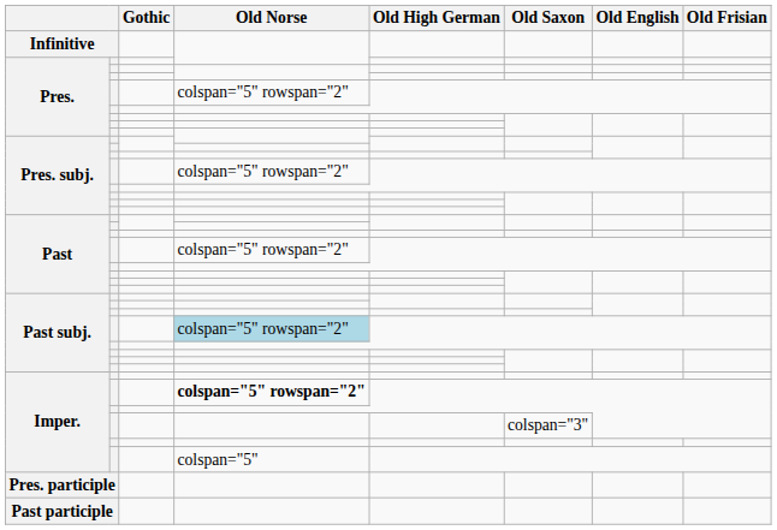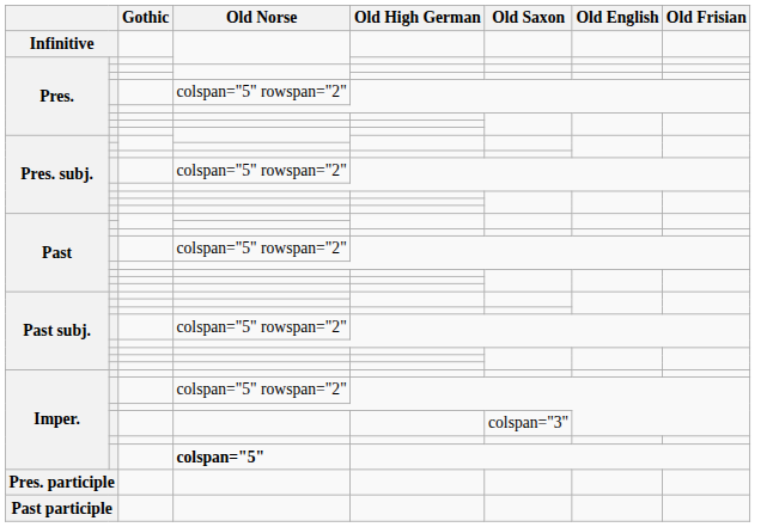 <table class="wikitable">
 <tr>
 <th colspan=2></th>
 <th>Gothic</th>
 <th>Old Norse</th>
 <th>Old High German</th>
 <th>Old Saxon</th>
 <th>Old English</th>
 <th>Old Frisian</th>
 </tr>
 <tr>
 <th colspan=2>Infinitive</th>
 <td></td>
 <td rowspan="2"></td>
 <td></td>
 <td></td>
 <td></td>
 <td></td>
 </tr>
 <tr>
 <th rowspan=8>Pres.</th>
 <th></th>
 <td></td>
 <td></td>
 <td></td>
 <td></td>
 <td></td>
 </tr>
 <tr>
 <th></th>
 <td></td>
 <td rowspan="2"></td>
 <td></td>
 <td></td>
 <td></td>
 <td></td>
 </tr>
 <tr>
 <th></th>
 <td></td>
 <td></td>
 <td></td>
 <td></td>
 <td></td>
 </tr>
 <tr>
 <th></th>
 <td></td>
 <td>colspan="5" rowspan="2" </td>
 </tr>
 <tr>
 <th></th>
 <td></td>
 </tr>
 <tr>
 <th></th>
 <td></td>
 <td></td>
 <td></td>
 <td rowspan="3"></td>
 <td rowspan="3"></td>
 <td rowspan="3"></td>
 </tr>
 <tr>
 <th></th>
 <td></td>
 <td></td>
 <td></td>
 </tr>
 <tr>
 <th></th>
 <td></td>
 <td rowspan="2"></td>
 <td></td>
 </tr>
 <tr>
 <th rowspan=8>Pres. subj.</th>
 <th></th>
 <td rowspan="2"></td>
 <td rowspan="2"></td>
 <td rowspan="2"></td>
 <td rowspan="3"></td>
 <td rowspan="3"></td>
 </tr>
 <tr>
 <th></th>
 <td></td>
 </tr>
 <tr>
 <th></th>
 <td></td>
 <td></td>
 <td></td>
 <td></td>
 </tr>
 <tr>
 <th></th>
 <td></td>
 <td>colspan="5" rowspan="2" </td>
 </tr>
 <tr>
 <th></th>
 <td></td>
 </tr>
 <tr>
 <th></th>
 <td></td>
 <td></td>
 <td></td>
 <td rowspan="3"></td>
 <td rowspan="3"></td>
 <td rowspan="3"></td>
 </tr>
 <tr>
 <th></th>
 <td></td>
 <td></td>
 <td></td>
 </tr>
 <tr>
 <th></th>
 <td></td>
 <td></td>
 <td></td>
 </tr>
 <tr>
 <th rowspan=8>Past</th>
 <th></th>
 <td rowspan="2"></td>
 <td></td>
 <td rowspan="2"></td>
 <td rowspan="2"></td>
 <td rowspan="2"></td>
 <td rowspan="2"></td>
 </tr>
 <tr>
 <th></th>
 <td></td>
 </tr>
 <tr>
 <th></th>
 <td></td>
 <td></td>
 <td></td>
 <td></td>
 <td></td>
 <td></td>
 </tr>
 <tr>
 <th></th>
 <td></td>
 <td>colspan="5" rowspan="2" </td>
 </tr>
 <tr>
 <th></th>
 <td></td>
 </tr>
 <tr>
 <th></th>
 <td></td>
 <td></td>
 <td></td>
 <td rowspan="3"></td>
 <td rowspan="3"></td>
 <td rowspan="3"></td>
 </tr>
 <tr>
 <th></th>
 <td></td>
 <td></td>
 <td></td>
 </tr>
 <tr>
 <th></th>
 <td></td>
 <td></td>
 <td></td>
 </tr>
 <tr>
 <th rowspan=8>Past subj.</th>
 <th></th>
 <td></td>
 <td></td>
 <td rowspan="2"></td>
 <td rowspan="2"></td>
 <td rowspan="3"></td>
 <td rowspan="3"></td>
 </tr>
 <tr>
 <th></th>
 <td></td>
 <td></td>
 </tr>
 <tr>
 <th></th>
 <td></td>
 <td></td>
 <td></td>
 <td></td>
 </tr>
 <tr>
 <th></th>
 <td></td>
-<td style="background: lightblue;">colspan="5" rowspan="2" </td>
+<td>colspan="5" rowspan="2" </td>
 </tr>
 <tr>
 <th></th>
 <td></td>
 </tr>
 <tr>
 <th></th>
 <td></td>
 <td></td>
 <td></td>
 <td rowspan="3"></td>
 <td rowspan="3"></td>
 <td rowspan="3"></td>
 </tr>
 <tr>
 <th></th>
 <td></td>
 <td></td>
 <td></td>
 </tr>
 <tr>
 <th></th>
 <td></td>
 <td></td>
 <td></td>
 </tr>
 <tr>
 <th rowspan=6>Imper.</th>
 <th></th>
 <td></td>
 <td></td>
 <td></td>
 <td></td>
 <td></td>
 <td></td>
 </tr>
 <tr>
 <th></th>
 <td></td>
-<td><strong>colspan="5" rowspan="2" </strong></td>
+<td>colspan="5" rowspan="2" </td>
 </tr>
 <tr>
 <th></th>
 <td></td>
 </tr>
 <tr>
 <th></th>
 <td></td>
 <td></td>
 <td></td>
 <td>colspan="3" </td>
 </tr>
 <tr>
 <th></th>
 <td></td>
 <td></td>
 <td></td>
 <td></td>
 <td></td>
 <td></td>
 </tr>
 <tr>
 <th></th>
 <td></td>
-<td>colspan="5" </td>
+<td><strong>colspan="5" </strong></td>
 </tr>
 <tr>
 <th colspan=2>Pres. participle</th>
 <td></td>
 <td></td>
 <td></td>
 <td></td>
 <td></td>
 <td></td>
 </tr>
 <tr>
 <th colspan=2>Past participle</th>
 <td></td>
 <td></td>
 <td></td>
 <td></td>
 <td></td>
 <td></td>
 </tr>
 </table>
